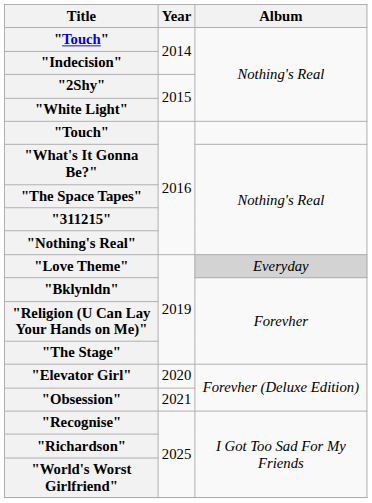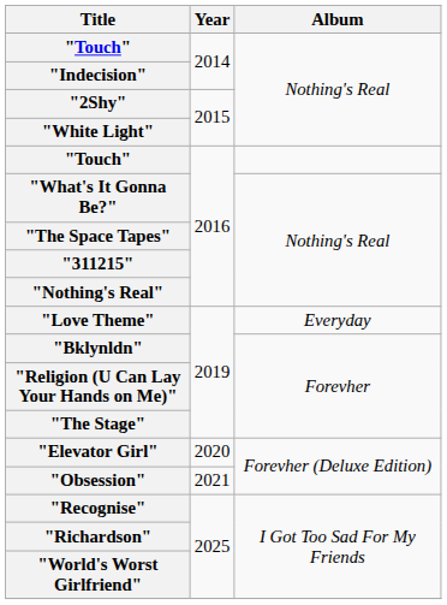 <table class="wikitable plainrowheaders" style="text-align:center;">
 <tr>
 <th scope="col" style="width:160px;">Title</th>
 <th scope="col" style="width:10px;">Year</th>
 <th scope="col" style="width:180px;">Album</th>
 </tr>
 <tr>
 <th scope="row">"<a href='#'>Touch</a>"</th>
 <td rowspan="2">2014</td>
 <td rowspan="4"><em>Nothing's Real</em></td>
 </tr>
 <tr>
 <th scope="row">"Indecision"</th>
 </tr>
 <tr>
 <th scope="row">"2Shy"</th>
 <td rowspan="2">2015</td>
 </tr>
 <tr>
 <th scope="row">"White Light"</th>
 </tr>
 <tr>
 <th scope="row">"Touch"<br></th>
 <td rowspan="5">2016</td>
 <td></td>
 </tr>
 <tr>
 <th scope="row">"What's It Gonna Be?"</th>
 <td rowspan="4"><em>Nothing's Real</em></td>
 </tr>
 <tr>
 <th scope="row">"The Space Tapes"</th>
 </tr>
 <tr>
 <th scope="row">"311215"</th>
 </tr>
 <tr>
 <th scope="row">"Nothing's Real"</th>
 </tr>
 <tr>
 <th scope="row">"Love Theme"<br></th>
 <td rowspan="4">2019</td>
-<td style="background: lightgrey;"><em>Everyday</em></td>
+<td><em>Everyday</em></td>
 </tr>
 <tr>
 <th scope="row">"Bklynldn"</th>
 <td rowspan="3"><em>Forevher</em></td>
 </tr>
 <tr>
 <th scope="row">"Religion (U Can Lay Your Hands on Me)"</th>
 </tr>
 <tr>
 <th scope="row">"The Stage"</th>
 </tr>
 <tr>
 <th scope="row">"Elevator Girl"<br></th>
 <td>2020</td>
 <td rowspan="2"><em>Forevher (Deluxe Edition)</em></td>
 </tr>
 <tr>
 <th scope="row">"Obsession"<br></th>
 <td>2021</td>
 </tr>
 <tr>
 <th scope="row">"Recognise"</th>
 <td rowspan="3">2025</td>
 <td rowspan="3"><em>I Got Too Sad For My Friends</em></td>
 </tr>
 <tr>
 <th scope="row">"Richardson"<br></th>
 </tr>
 <tr>
 <th scope="row">"World's Worst Girlfriend"</th>
 </tr>
 <tr>
 </tr>
 </table>
